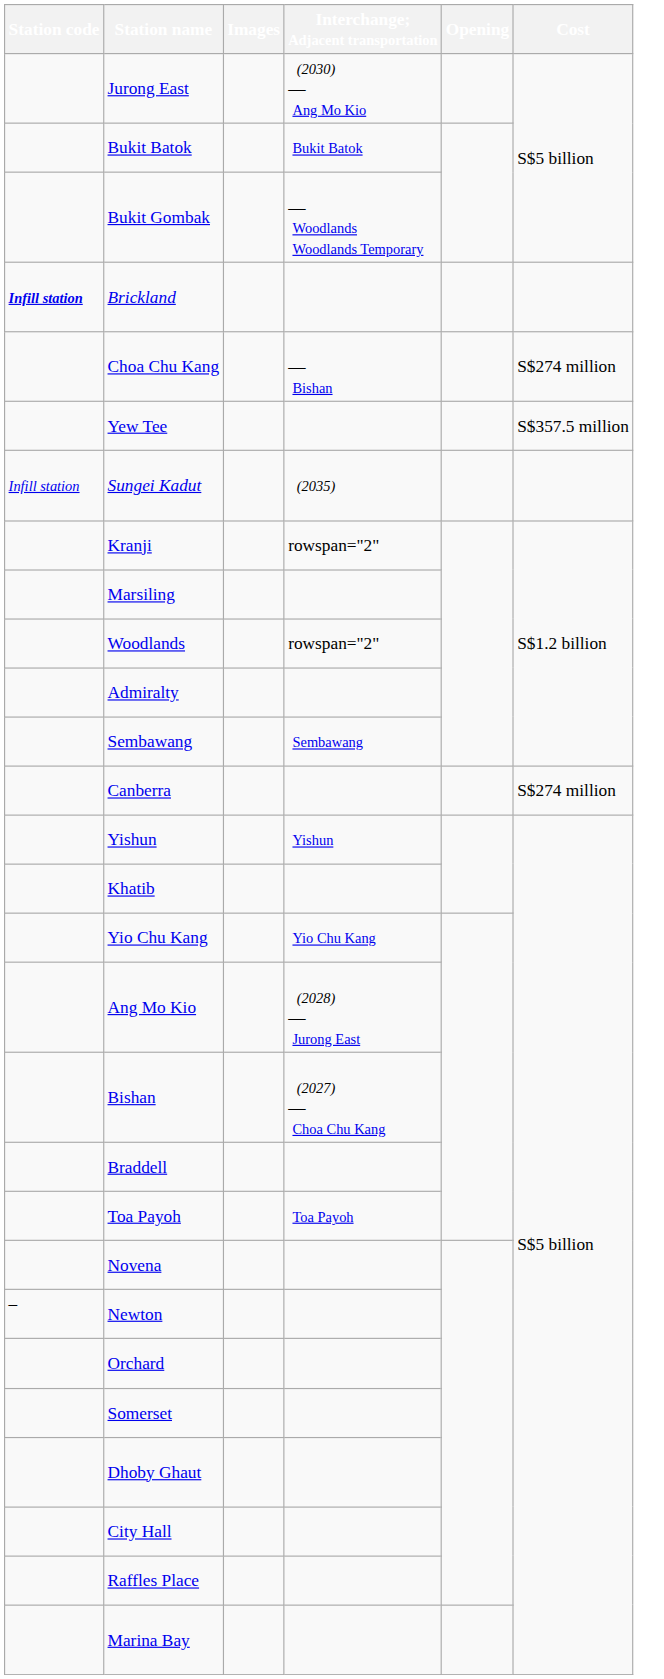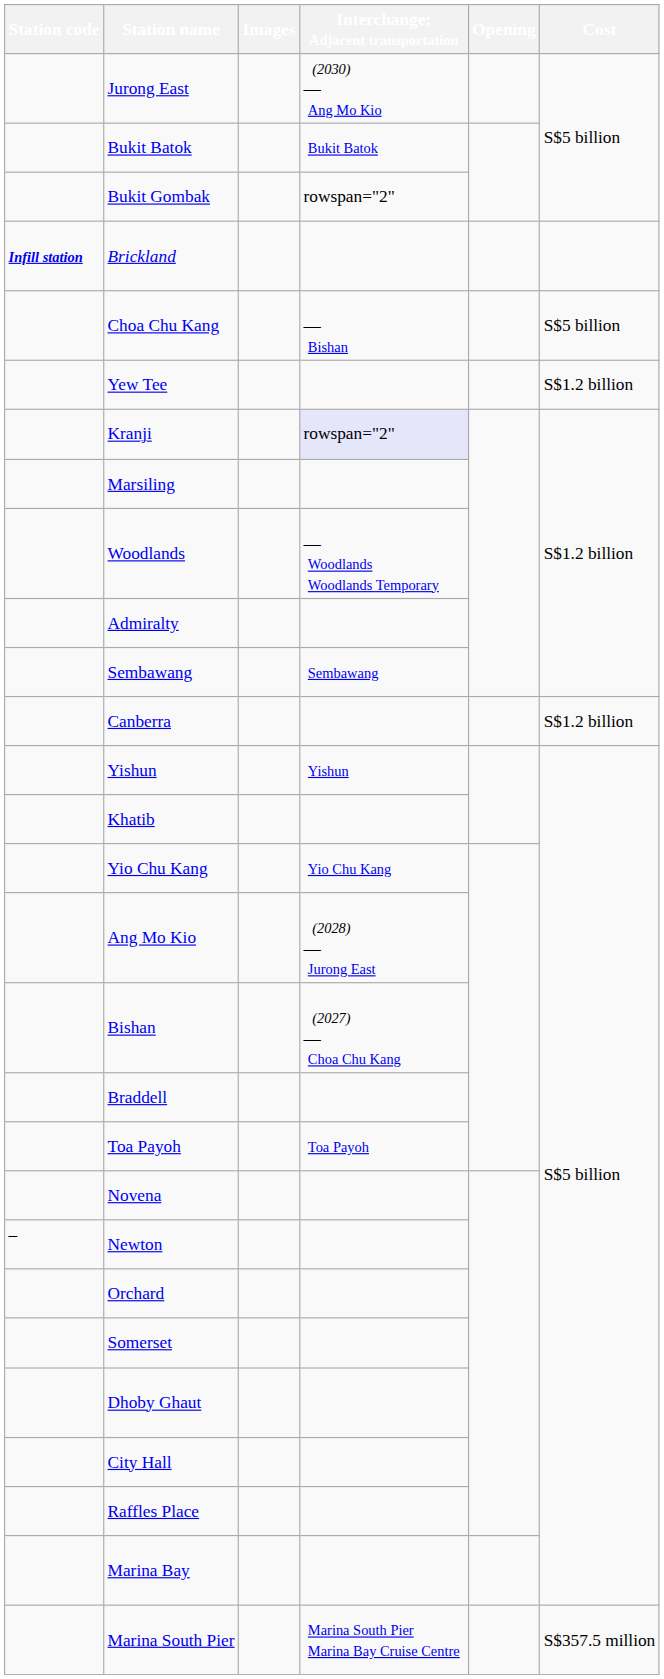 <table class="wikitable" style="color: black; border-collapse: collapse; font-size: 95%">
 <tr>
 <th scope="col" style="color: white; background:#">Station code</th>
 <th scope="col" style="color: white; background:#">Station name</th>
 <th scope="col" style="color: white; background:#">Images</th>
 <th scope="col" style="color: white; background:#">Interchange;<br><small>Adjacent transportation</small></th>
 <th scope="col" style="color: white; background:#">Opening</th>
 <th scope="col" style="color: white; background:#">Cost</th>
 </tr>
 <tr>
 <td scope="row"> <br>  <br>  </td>
 <td><a href='#'>Jurong East</a></td>
 <td></td>
 <td>  <small><em>(2030)</em></small><br> ― <br> <small><a href='#'>Ang Mo Kio</a></small></td>
 <td></td>
 <td rowspan="3">S$5 billion</td>
 </tr>
 <tr>
 <td scope="row"> <br>  </td>
 <td><a href='#'>Bukit Batok</a></td>
 <td></td>
 <td> <small><a href='#'>Bukit Batok</a></small></td>
 <td rowspan="2"></td>
 </tr>
 <tr>
 <td scope="row"> <br>  </td>
 <td><a href='#'>Bukit Gombak</a></td>
 <td></td>
-<td> <br> ― <br> <small><a href='#'>Woodlands</a></small><br> <small><a href='#'>Woodlands Temporary</a></small></td>
+<td>rowspan="2" </td>
 </tr>
 <tr>
 <td scope="row"><strong> <br> <small><em><a href='#'>Infill station</a></em></small> <br>  </strong></td>
 <td><em><a href='#'>Brickland</a></em></td>
 <td></td>
 <td></td>
 <td></td>
 </tr>
 <tr>
 <td scope="row"> <br>  </td>
 <td><a href='#'>Choa Chu Kang</a></td>
 <td></td>
 <td> <br> ― <br> <small><a href='#'>Bishan</a></small></td>
 <td></td>
-<td>S$274 million</td>
+<td>S$5 billion</td>
 </tr>
 <tr>
 <td scope="row"> <br>  </td>
 <td><a href='#'>Yew Tee</a></td>
 <td></td>
 <td></td>
 <td></td>
-<td>S$357.5 million</td>
-</tr>
-<tr>
-<td scope="row"> <br> <small><em><a href='#'>Infill station</a></em></small> <br>  </td>
-<td><em><a href='#'>Sungei Kadut</a></em></td>
-<td></td>
-<td>  <small><em>(2035)</em></small></td>
-<td></td>
-<td></td>
+<td>S$1.2 billion</td>
 </tr>
 <tr>
 <td scope="row"> <br>  </td>
 <td><a href='#'>Kranji</a></td>
 <td></td>
-<td>rowspan="2" </td>
+<td style="background: lavender;">rowspan="2" </td>
 <td rowspan="5"></td>
 <td rowspan="5">S$1.2 billion</td>
 </tr>
 <tr>
 <td scope="row"> <br>  </td>
 <td><a href='#'>Marsiling</a></td>
 <td></td>
 </tr>
 <tr>
 <td scope="row"> <br>   </td>
 <td><a href='#'>Woodlands</a></td>
 <td></td>
-<td>rowspan="2" </td>
+<td> <br> ― <br> <small><a href='#'>Woodlands</a></small><br> <small><a href='#'>Woodlands Temporary</a></small></td>
 </tr>
 <tr>
 <td scope="row"> <br>  </td>
 <td><a href='#'>Admiralty</a></td>
 <td></td>
 <td></td>
 </tr>
 <tr>
 <td scope="row"> <br>  </td>
 <td><a href='#'>Sembawang</a></td>
 <td></td>
 <td> <small><a href='#'>Sembawang</a></small></td>
 </tr>
 <tr>
 <td scope="row"> <br>  </td>
 <td><a href='#'>Canberra</a></td>
 <td></td>
 <td></td>
 <td></td>
-<td>S$274 million</td>
+<td>S$1.2 billion</td>
 </tr>
 <tr>
 <td scope="row"> <br>  </td>
 <td><a href='#'>Yishun</a></td>
 <td></td>
 <td> <small><a href='#'>Yishun</a></small></td>
 <td rowspan="2"></td>
 <td rowspan="15">S$5 billion</td>
 </tr>
 <tr>
 <td scope="row"> <br>  </td>
 <td><a href='#'>Khatib</a></td>
 <td></td>
 <td></td>
 </tr>
 <tr>
 <td scope="row"> <br>  </td>
 <td><a href='#'>Yio Chu Kang</a></td>
 <td></td>
 <td> <small><a href='#'>Yio Chu Kang</a></small></td>
 <td rowspan="5"></td>
 </tr>
 <tr>
 <td scope="row"> <br>  </td>
 <td><a href='#'>Ang Mo Kio</a></td>
 <td></td>
 <td>  <br>   <small><em>(2028)</em></small><br> ― <br> <small><a href='#'>Jurong East</a></small></td>
 </tr>
 <tr>
 <td scope="row"> <br>   </td>
 <td><a href='#'>Bishan</a></td>
 <td></td>
 <td>  <br>   <small><em>(2027)</em></small><br> ― <br> <small><a href='#'>Choa Chu Kang</a></small></td>
 </tr>
 <tr>
 <td scope="row"> <br>   </td>
 <td><a href='#'>Braddell</a></td>
 <td></td>
 <td></td>
 </tr>
 <tr>
 <td scope="row"> <br>  </td>
 <td><a href='#'>Toa Payoh</a></td>
 <td></td>
 <td> <small><a href='#'>Toa Payoh</a></small></td>
 </tr>
 <tr>
 <td scope="row"> <br>  </td>
 <td><a href='#'>Novena</a></td>
 <td></td>
 <td></td>
 <td rowspan="7"></td>
 </tr>
 <tr>
 <td scope="row">– <br>   </td>
 <td><a href='#'>Newton</a></td>
 <td></td>
 <td>  </td>
 </tr>
 <tr>
 <td scope="row"> <br>  </td>
 <td><a href='#'>Orchard</a></td>
 <td></td>
 <td>  </td>
 </tr>
 <tr>
 <td scope="row"> <br>   </td>
 <td><a href='#'>Somerset</a></td>
 <td></td>
 <td></td>
 </tr>
 <tr>
 <td scope="row"> <br>  <br>  </td>
 <td><a href='#'>Dhoby Ghaut</a></td>
 <td></td>
 <td>  <br>  </td>
 </tr>
 <tr>
 <td scope="row"> <br>   </td>
 <td><a href='#'>City Hall</a></td>
 <td></td>
 <td> </td>
 </tr>
 <tr>
 <td scope="row"> <br>   </td>
 <td><a href='#'>Raffles Place</a></td>
 <td></td>
 <td> </td>
 </tr>
 <tr>
 <td scope="row"> <br>  <br>   </td>
 <td><a href='#'>Marina Bay</a></td>
 <td></td>
 <td>  <br>   </td>
 <td></td>
 </tr>
+<tr>
+<td scope="row"> <br>  <br>  </td>
+<td><a href='#'>Marina South Pier</a></td>
+<td></td>
+<td> <small><a href='#'>Marina South Pier</a></small>  <br>  <small><a href='#'>Marina Bay Cruise Centre</a></small> </td>
+<td></td>
+<td>S$357.5 million</td>
+</tr>
 </table>
